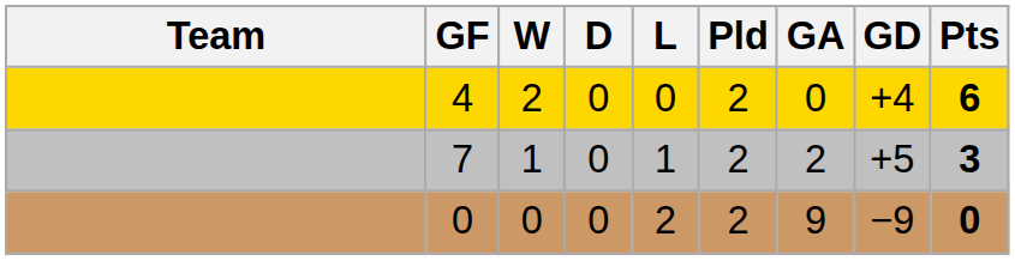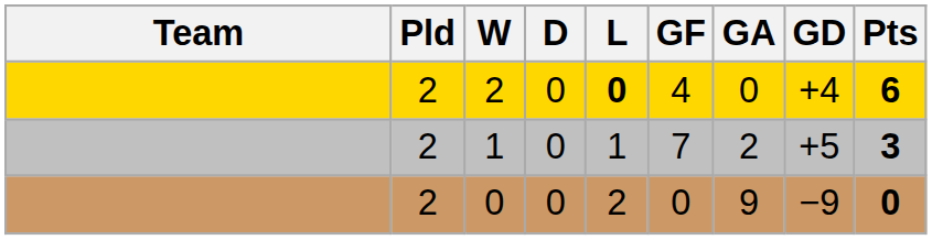 <table class="wikitable" style="text-align:center">
 <tr>
 <th width=165>Team</th>
-<th width=20>GF</th>
+<th width=20>Pld</th>
 <th width=20>W</th>
 <th width=20>D</th>
 <th width=20>L</th>
-<th width=20>Pld</th>
+<th width=20>GF</th>
 <th width=20>GA</th>
 <th width=20>GD</th>
 <th width=20>Pts</th>
 </tr>
 <tr bgcolor=gold>
 <td align="left"></td>
-<td>4</td>
+<td>2</td>
 <td>2</td>
 <td>0</td>
-<td>0</td>
-<td>2</td>
+<td><strong>0</strong></td>
+<td>4</td>
 <td>0</td>
 <td>+4</td>
 <td><strong>6</strong></td>
 </tr>
 <tr bgcolor=silver>
 <td align="left"></td>
-<td>7</td>
+<td>2</td>
 <td>1</td>
 <td>0</td>
 <td>1</td>
-<td>2</td>
+<td>7</td>
 <td>2</td>
 <td>+5</td>
 <td><strong>3</strong></td>
 </tr>
 <tr bgcolor=#cc9966>
 <td align="left"></td>
-<td>0</td>
+<td>2</td>
 <td>0</td>
 <td>0</td>
 <td>2</td>
-<td>2</td>
+<td>0</td>
 <td>9</td>
 <td>−9</td>
 <td><strong>0</strong></td>
 </tr>
 </table>
